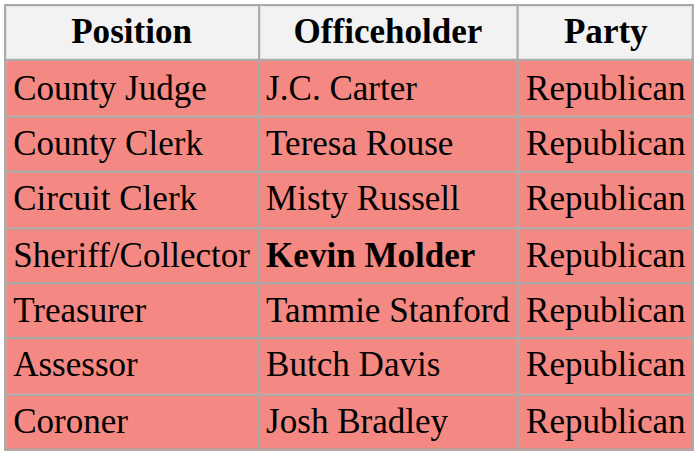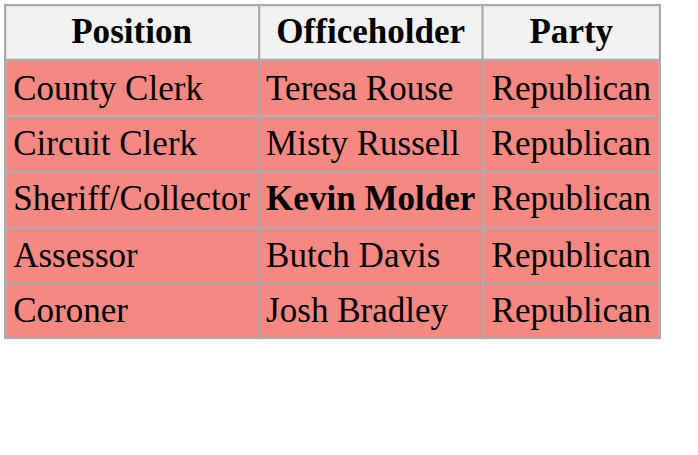 <table class="wikitable mw-collapsible">
 <tr>
 <th>Position</th>
 <th>Officeholder</th>
 <th>Party</th>
-</tr>
-<tr style="background-color:#F48882;">
-<td>County Judge</td>
-<td>J.C. Carter</td>
-<td>Republican</td>
 </tr>
 <tr style="background-color:#F48882;">
 <td>County Clerk</td>
 <td>Teresa Rouse</td>
 <td>Republican</td>
 </tr>
 <tr style="background-color:#F48882;">
 <td>Circuit Clerk</td>
 <td>Misty Russell</td>
 <td>Republican</td>
 </tr>
 <tr style="background-color:#F48882;">
 <td>Sheriff/Collector</td>
 <td><strong>Kevin Molder</strong></td>
 <td>Republican</td>
 </tr>
 <tr style="background-color:#F48882;">
-<td>Treasurer</td>
-<td>Tammie Stanford</td>
-<td>Republican</td>
-</tr>
-<tr style="background-color:#F48882;">
 <td>Assessor</td>
 <td>Butch Davis</td>
 <td>Republican</td>
 </tr>
 <tr style="background-color:#F48882;">
 <td>Coroner</td>
 <td>Josh Bradley</td>
 <td>Republican</td>
 </tr>
 </table>
